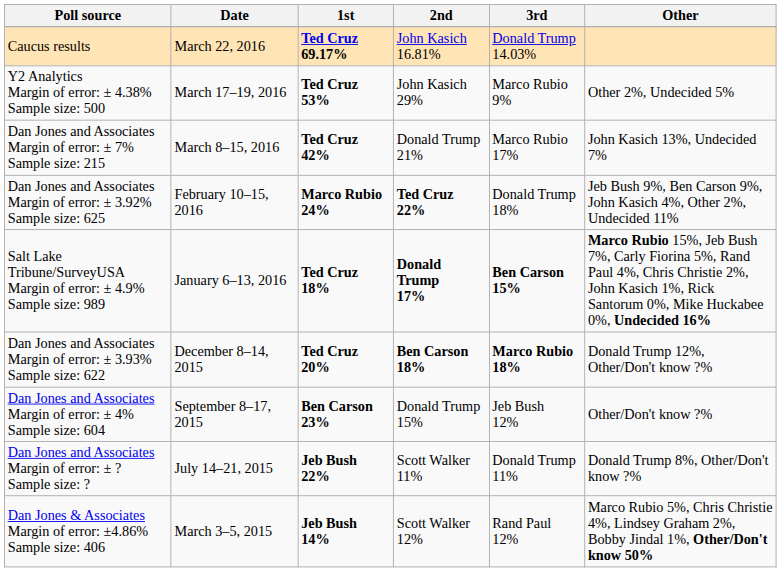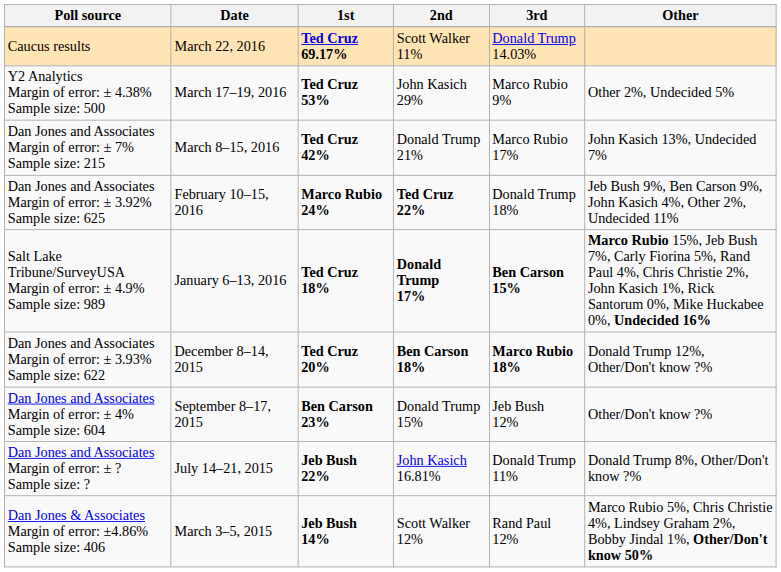 <table class="wikitable">
 <tr>
 <th style="width:180px;">Poll source</th>
 <th style="width:135px;">Date</th>
 <th style="width:100px;">1st</th>
 <th style="width:100px;">2nd</th>
 <th style="width:100px;">3rd</th>
 <th>Other</th>
 </tr>
 <tr>
 </tr>
 <tr style="background:Moccasin;">
 <td>Caucus results</td>
 <td>March 22, 2016</td>
 <td><strong><a href='#'>Ted Cruz</a><br>69.17%</strong></td>
-<td><a href='#'>John Kasich</a><br>16.81%</td>
+<td>Scott Walker<br>11%</td>
 <td><a href='#'>Donald Trump</a><br>14.03%</td>
 <td></td>
 </tr>
 <tr>
 <td>Y2 Analytics<br>Margin of error: ± 4.38% <br>Sample size: 500</td>
 <td>March 17–19, 2016</td>
 <td><strong>Ted Cruz<br>53%</strong></td>
 <td>John Kasich<br>29%</td>
 <td>Marco Rubio<br>9%</td>
 <td>Other 2%, Undecided 5%</td>
 </tr>
 <tr>
 <td>Dan Jones and Associates<br>Margin of error: ± 7% <br>Sample size: 215</td>
 <td>March 8–15, 2016</td>
 <td><strong>Ted Cruz<br>42%</strong></td>
 <td>Donald Trump<br>21%</td>
 <td>Marco Rubio 17%</td>
 <td>John Kasich 13%, Undecided 7%</td>
 </tr>
 <tr>
 <td>Dan Jones and Associates<br>Margin of error: ± 3.92% <br>Sample size: 625</td>
 <td>February 10–15, 2016</td>
 <td><strong>Marco Rubio<br>24%</strong></td>
 <td><strong>Ted Cruz<br>22%</strong></td>
 <td>Donald Trump<br>18%</td>
 <td>Jeb Bush 9%, Ben Carson 9%, John Kasich 4%, Other 2%, Undecided 11%</td>
 </tr>
 <tr>
 <td>Salt Lake Tribune/SurveyUSA<br>Margin of error: ± 4.9% <br>Sample size: 989</td>
 <td>January 6–13, 2016</td>
 <td><strong>Ted Cruz<br>18%</strong></td>
 <td><strong>Donald Trump<br>17%</strong></td>
 <td><strong>Ben Carson<br>15%</strong></td>
 <td><span><strong>Marco Rubio</strong> 15%</span>, Jeb Bush 7%, Carly Fiorina 5%, Rand Paul 4%, Chris Christie 2%, John Kasich 1%, Rick Santorum 0%, Mike Huckabee 0%, <span><strong>Undecided 16%</strong></span></td>
 </tr>
 <tr>
 <td>Dan Jones and Associates<br>Margin of error: ± 3.93% <br>Sample size: 622</td>
 <td>December 8–14, 2015</td>
 <td><strong>Ted Cruz<br>20%</strong></td>
 <td><strong>Ben Carson<br>18%</strong></td>
 <td><strong>Marco Rubio<br>18%</strong></td>
 <td>Donald Trump 12%, Other/Don't know ?%</td>
 </tr>
 <tr>
 <td><a href='#'>Dan Jones and Associates</a><br>Margin of error: ± 4% <br>Sample size: 604</td>
 <td>September 8–17, 2015</td>
 <td><strong>Ben Carson<br>23%</strong></td>
 <td>Donald Trump<br>15%</td>
 <td>Jeb Bush<br>12%</td>
 <td>Other/Don't know ?%</td>
 </tr>
 <tr>
 <td><a href='#'>Dan Jones and Associates</a><br>Margin of error: ± ? <br>Sample size: ?</td>
 <td>July 14–21, 2015</td>
 <td><strong>Jeb Bush<br>22%</strong></td>
-<td>Scott Walker<br>11%</td>
+<td><a href='#'>John Kasich</a><br>16.81%</td>
 <td>Donald Trump<br>11%</td>
 <td>Donald Trump 8%, Other/Don't know ?%</td>
 </tr>
 <tr>
 <td><a href='#'>Dan Jones & Associates</a><br>Margin of error: ±4.86% <br>Sample size: 406</td>
 <td>March 3–5, 2015</td>
 <td><strong>Jeb Bush<br>14%</strong></td>
 <td>Scott Walker<br>12%</td>
 <td>Rand Paul<br>12%</td>
 <td>Marco Rubio 5%, Chris Christie 4%, Lindsey Graham 2%, Bobby Jindal 1%,  <span><strong>Other/Don't know 50%</strong></span></td>
 </tr>
 </table>
